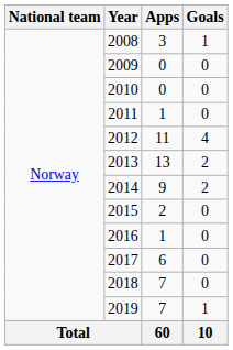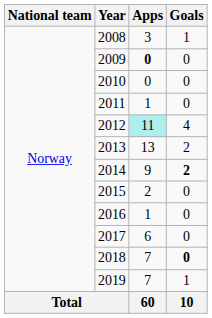 <table class="wikitable" style="text-align:center">
 <tr>
 <th>National team</th>
 <th>Year</th>
 <th>Apps</th>
 <th>Goals</th>
 </tr>
 <tr>
 <td rowspan="12"><a href='#'>Norway</a></td>
 <td>2008</td>
 <td>3</td>
 <td>1</td>
 </tr>
 <tr>
 <td>2009</td>
-<td>0</td>
+<td><strong>0</strong></td>
 <td>0</td>
 </tr>
 <tr>
 <td>2010</td>
 <td>0</td>
 <td>0</td>
 </tr>
 <tr>
 <td>2011</td>
 <td>1</td>
 <td>0</td>
 </tr>
 <tr>
 <td>2012</td>
-<td>11</td>
+<td style="background: paleturquoise;">11</td>
 <td>4</td>
 </tr>
 <tr>
 <td>2013</td>
 <td>13</td>
 <td>2</td>
 </tr>
 <tr>
 <td>2014</td>
 <td>9</td>
-<td>2</td>
+<td><strong>2</strong></td>
 </tr>
 <tr>
 <td>2015</td>
 <td>2</td>
 <td>0</td>
 </tr>
 <tr>
 <td>2016</td>
 <td>1</td>
 <td>0</td>
 </tr>
 <tr>
 <td>2017</td>
 <td>6</td>
 <td>0</td>
 </tr>
 <tr>
 <td>2018</td>
 <td>7</td>
-<td>0</td>
+<td><strong>0</strong></td>
 </tr>
 <tr>
 <td>2019</td>
 <td>7</td>
 <td>1</td>
 </tr>
 <tr>
 <th colspan="2">Total</th>
 <th>60</th>
 <th>10</th>
 </tr>
 </table>
